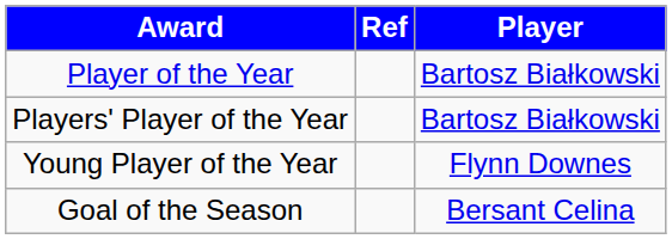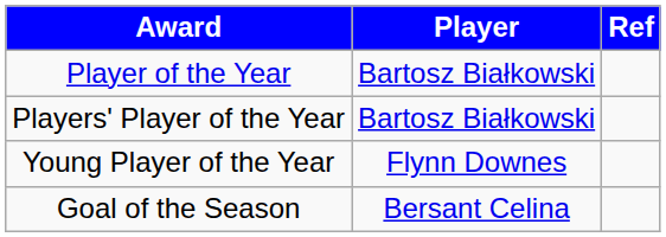 <table class="wikitable" style="text-align:center">
 <tr>
 <th style="background:blue; color:white; width=0%">Award</th>
+<th style="background:blue; color:white; width=0%">Player</th>
 <th style="background:blue; color:white; width=0%">Ref</th>
-<th style="background:blue; color:white; width=0%">Player</th>
 </tr>
 <tr>
 <td><a href='#'>Player of the Year</a></td>
+<td> <a href='#'>Bartosz Białkowski</a></td>
 <td></td>
-<td> <a href='#'>Bartosz Białkowski</a></td>
 </tr>
 <tr>
 <td>Players' Player of the Year</td>
+<td> <a href='#'>Bartosz Białkowski</a></td>
 <td></td>
-<td> <a href='#'>Bartosz Białkowski</a></td>
 </tr>
 <tr>
 <td>Young Player of the Year</td>
+<td> <a href='#'>Flynn Downes</a></td>
 <td></td>
-<td> <a href='#'>Flynn Downes</a></td>
 </tr>
 <tr>
 <td>Goal of the Season</td>
+<td> <a href='#'>Bersant Celina</a></td>
 <td></td>
-<td> <a href='#'>Bersant Celina</a></td>
 </tr>
 </table>
